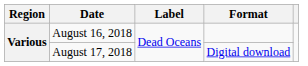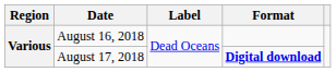 <table class="wikitable plainrowheaders">
 <tr>
 <th scope="col">Region</th>
 <th scope="col">Date</th>
 <th scope="col">Label</th>
 <th scope="col">Format</th>
 <th scope="col"></th>
 </tr>
 <tr>
 <th scope="row" rowspan="2">Various</th>
 <td>August 16, 2018</td>
 <td rowspan="2"><a href='#'>Dead Oceans</a></td>
 <td></td>
 <td rowspan="2"></td>
 </tr>
 <tr>
 <td>August 17, 2018</td>
-<td><a href='#'>Digital download</a></td>
+<td><strong><a href='#'>Digital download</a></strong></td>
 </tr>
 </table>
